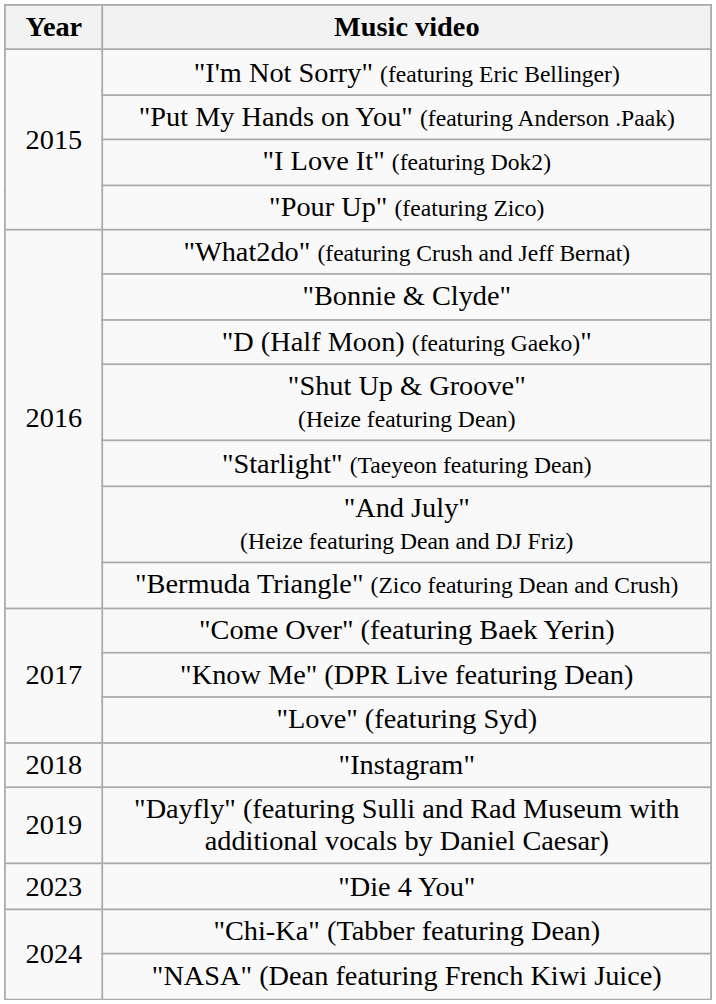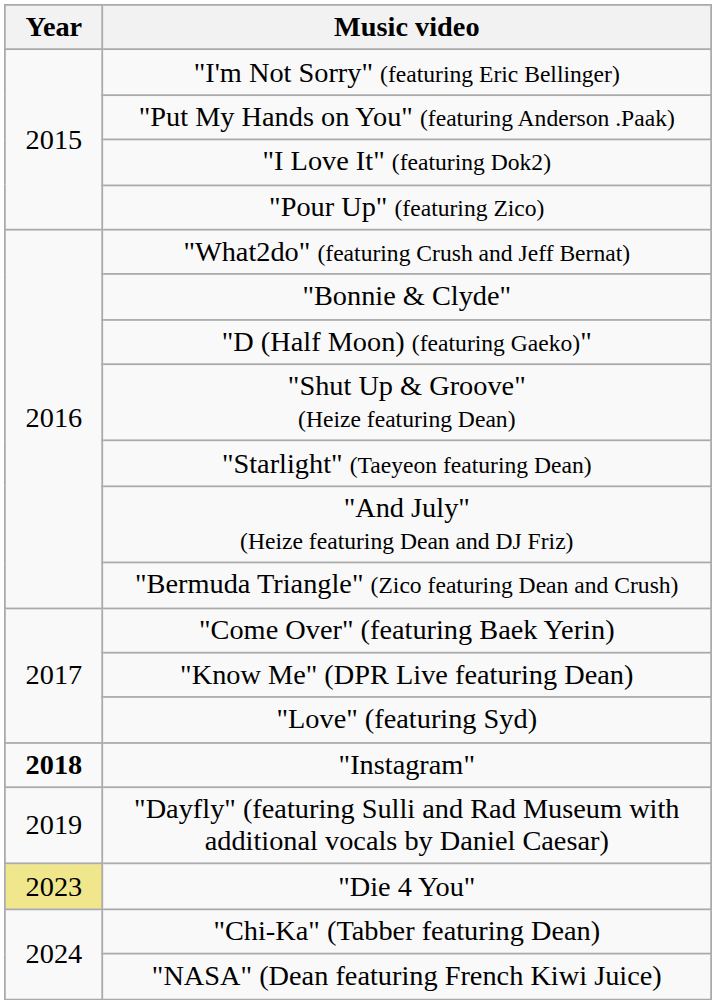 <table class="wikitable" style="text-align:center;">
 <tr>
 <th style="width:3em;">Year</th>
 <th style="width:21em;">Music video</th>
 </tr>
 <tr>
 <td rowspan="4">2015</td>
 <td>"I'm Not Sorry" <small>(featuring Eric Bellinger)</small></td>
 </tr>
 <tr>
 <td>"Put My Hands on You" <small>(featuring Anderson .Paak)</small></td>
 </tr>
 <tr>
 <td>"I Love It" <small>(featuring Dok2)</small></td>
 </tr>
 <tr>
 <td>"Pour Up" <small>(featuring Zico)</small></td>
 </tr>
 <tr>
 <td rowspan="7">2016</td>
 <td>"What2do" <small>(featuring Crush and Jeff Bernat)</small></td>
 </tr>
 <tr>
 <td>"Bonnie & Clyde"</td>
 </tr>
 <tr>
 <td>"D (Half Moon) <small>(featuring Gaeko)</small>"</td>
 </tr>
 <tr>
 <td>"Shut Up & Groove"<br><small>(Heize featuring Dean)</small></td>
 </tr>
 <tr>
 <td>"Starlight" <small>(Taeyeon featuring Dean)</small></td>
 </tr>
 <tr>
 <td>"And July"<br><small>(Heize featuring Dean and DJ Friz)</small></td>
 </tr>
 <tr>
 <td>"Bermuda Triangle" <small>(Zico featuring Dean and Crush)</small></td>
 </tr>
 <tr>
 <td rowspan="3">2017</td>
 <td>"Come Over" (featuring Baek Yerin)</td>
 </tr>
 <tr>
 <td>"Know Me" (DPR Live featuring Dean)</td>
 </tr>
 <tr>
 <td>"Love" (featuring Syd)</td>
 </tr>
 <tr>
-<td>2018</td>
+<td><strong>2018</strong></td>
 <td>"Instagram"</td>
 </tr>
 <tr>
 <td>2019</td>
 <td>"Dayfly" (featuring Sulli and Rad Museum with additional vocals by Daniel Caesar)</td>
 </tr>
 <tr>
-<td>2023</td>
+<td style="background: khaki;">2023</td>
 <td>"Die 4 You"</td>
 </tr>
 <tr>
 <td rowspan="2">2024</td>
 <td>"Chi-Ka" (Tabber featuring Dean)</td>
 </tr>
 <tr>
 <td>"NASA" (Dean featuring French Kiwi Juice)</td>
 </tr>
 </table>
